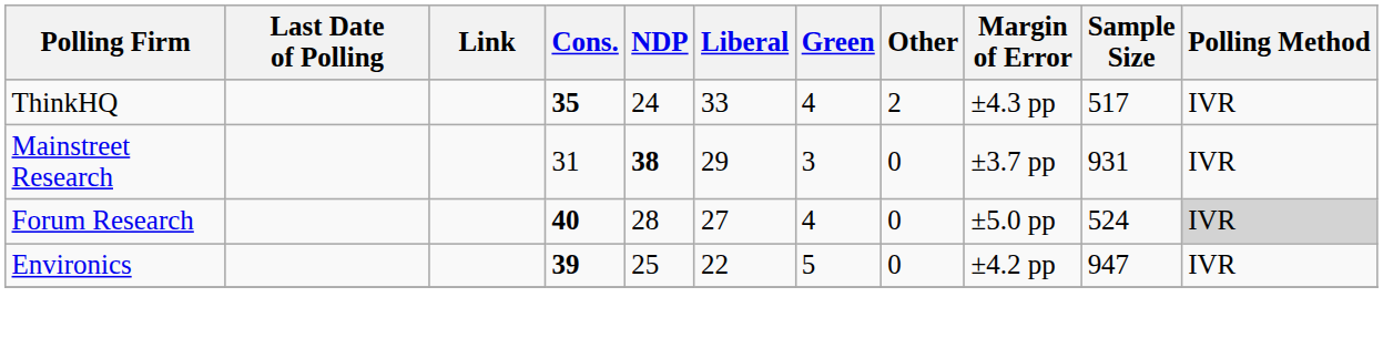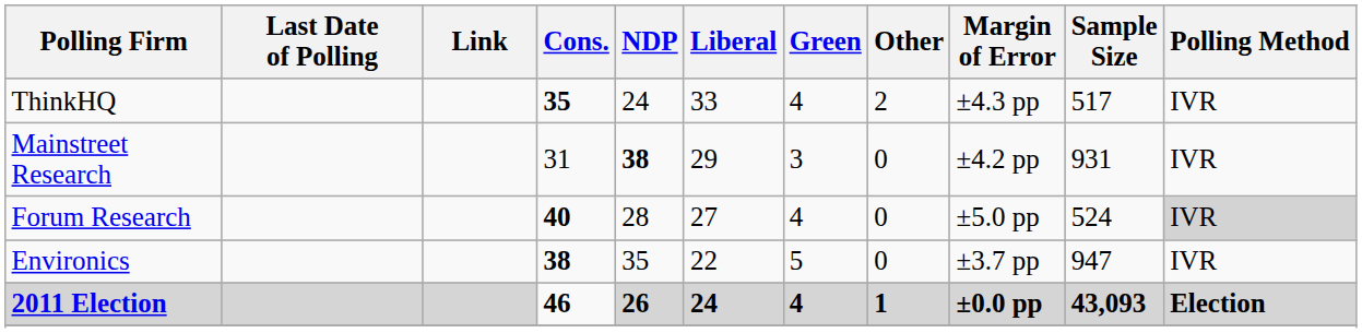 <table class="wikitable sortable">
 <tr style="background:#e9e9e9;">
 <th style="width:120px">Polling Firm</th>
 <th style="width:110px">Last Date<br>of Polling</th>
 <th style="width:60px" class="unsortable">Link</th>
 <th style="background-color:"><strong><a href='#'>Cons.</a></strong></th>
 <th style="background-color:"><strong><a href='#'>NDP</a></strong></th>
 <th style="background-color:"><strong><a href='#'>Liberal</a></strong></th>
 <th style="background-color:"><strong><a href='#'>Green</a></strong></th>
 <th style="background-color:"><strong>Other</strong></th>
 <th style="width:60px;" class=unsortable>Margin<br>of Error</th>
 <th style="width:50px;" class=unsortable>Sample<br>Size</th>
 <th class=unsortable>Polling Method</th>
 </tr>
 <tr>
 <td>ThinkHQ</td>
 <td></td>
 <td></td>
 <td><strong>35</strong></td>
 <td>24</td>
 <td>33</td>
 <td>4</td>
 <td>2</td>
 <td>±4.3 pp</td>
 <td>517</td>
 <td>IVR</td>
 </tr>
 <tr>
 <td><a href='#'>Mainstreet Research</a></td>
 <td></td>
 <td></td>
 <td>31</td>
 <td><strong>38</strong></td>
 <td>29</td>
 <td>3</td>
 <td>0</td>
-<td>±3.7 pp</td>
+<td>±4.2 pp</td>
 <td>931</td>
 <td>IVR</td>
 </tr>
 <tr>
 <td><a href='#'>Forum Research</a></td>
 <td></td>
 <td></td>
 <td><strong>40</strong></td>
 <td>28</td>
 <td>27</td>
 <td>4</td>
 <td>0</td>
 <td>±5.0 pp</td>
 <td>524</td>
 <td style="background: lightgrey;">IVR</td>
 </tr>
 <tr>
 <td><a href='#'>Environics</a></td>
 <td></td>
 <td></td>
-<td><strong>39</strong></td>
-<td>25</td>
+<td><strong>38</strong></td>
+<td>35</td>
 <td>22</td>
 <td>5</td>
 <td>0</td>
-<td>±4.2 pp</td>
+<td>±3.7 pp</td>
 <td>947</td>
 <td>IVR</td>
+</tr>
+<tr>
+<td style="background:#D5D5D5"><strong><a href='#'>2011 Election</a></strong></td>
+<td style="background:#D5D5D5"><strong></strong></td>
+<td style="background:#D5D5D5"></td>
+<td><strong>46</strong></td>
+<td style="background:#D5D5D5"><strong>26</strong></td>
+<td style="background:#D5D5D5"><strong>24</strong></td>
+<td style="background:#D5D5D5"><strong>4</strong></td>
+<td style="background:#D5D5D5"><strong>1</strong></td>
+<td style="background:#D5D5D5"><strong>±0.0 pp</strong></td>
+<td style="background:#D5D5D5"><strong>43,093</strong></td>
+<td style="background:#D5D5D5"><strong>Election</strong></td>
 </tr>
 <tr>
 </tr>
 <tr>
 </tr>
 </table>
